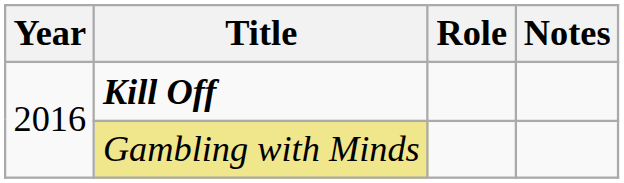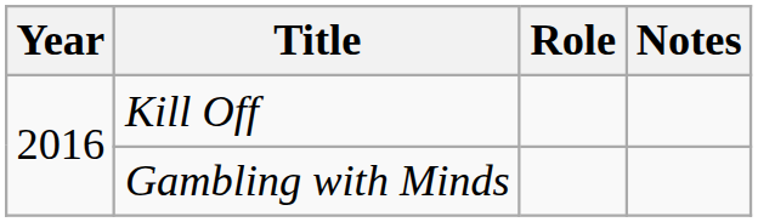 <table class="wikitable">
 <tr>
 <th>Year</th>
 <th>Title</th>
 <th>Role</th>
 <th>Notes</th>
 </tr>
 <tr>
 <td rowspan=2>2016</td>
-<td><strong><em>Kill Off</em></strong></td>
+<td><em>Kill Off</em></td>
 <td></td>
 <td></td>
 </tr>
 <tr>
-<td style="background: khaki;"><em>Gambling with Minds</em></td>
+<td><em>Gambling with Minds</em></td>
 <td></td>
 <td></td>
 </tr>
 </table>
